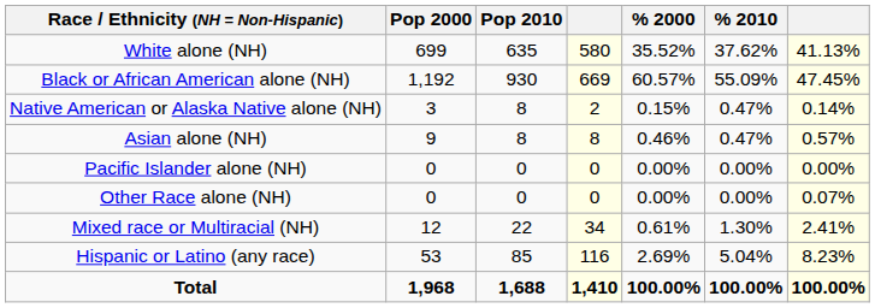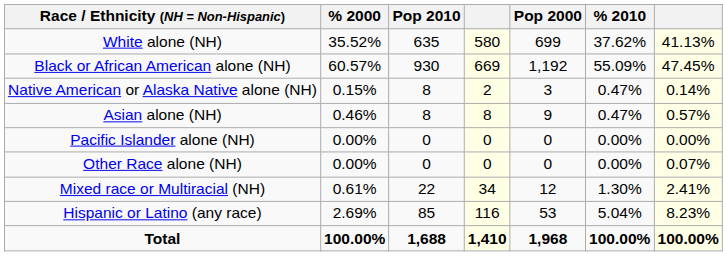 <table class="wikitable" style="text-align:center;">
 <tr>
 <th>Race / Ethnicity <small>(<em>NH = Non-Hispanic</em>)</small></th>
-<th>Pop 2000</th>
+<th>% 2000</th>
 <th>Pop 2010</th>
 <th></th>
-<th>% 2000</th>
+<th>Pop 2000</th>
 <th>% 2010</th>
 <th></th>
 </tr>
 <tr>
 <td><a href='#'>White</a> alone (NH)</td>
-<td>699</td>
+<td>35.52%</td>
 <td>635</td>
 <td style='background: #ffffe6;'>580</td>
-<td>35.52%</td>
+<td>699</td>
 <td>37.62%</td>
 <td style='background: #ffffe6;'>41.13%</td>
 </tr>
 <tr>
 <td><a href='#'>Black or African American</a> alone (NH)</td>
-<td>1,192</td>
+<td>60.57%</td>
 <td>930</td>
 <td style='background: #ffffe6;'>669</td>
-<td>60.57%</td>
+<td>1,192</td>
 <td>55.09%</td>
 <td style='background: #ffffe6;'>47.45%</td>
 </tr>
 <tr>
 <td><a href='#'>Native American</a> or <a href='#'>Alaska Native</a> alone (NH)</td>
-<td>3</td>
+<td>0.15%</td>
 <td>8</td>
 <td style='background: #ffffe6;'>2</td>
-<td>0.15%</td>
+<td>3</td>
 <td>0.47%</td>
 <td style='background: #ffffe6;'>0.14%</td>
 </tr>
 <tr>
 <td><a href='#'>Asian</a> alone (NH)</td>
-<td>9</td>
+<td>0.46%</td>
 <td>8</td>
 <td style='background: #ffffe6;'>8</td>
-<td>0.46%</td>
+<td>9</td>
 <td>0.47%</td>
 <td style='background: #ffffe6;'>0.57%</td>
 </tr>
 <tr>
 <td><a href='#'>Pacific Islander</a> alone (NH)</td>
-<td>0</td>
+<td>0.00%</td>
 <td>0</td>
 <td style='background: #ffffe6;'>0</td>
-<td>0.00%</td>
+<td>0</td>
 <td>0.00%</td>
 <td style='background: #ffffe6;'>0.00%</td>
 </tr>
 <tr>
 <td><a href='#'>Other Race</a> alone (NH)</td>
-<td>0</td>
+<td>0.00%</td>
 <td>0</td>
 <td style='background: #ffffe6;'>0</td>
-<td>0.00%</td>
+<td>0</td>
 <td>0.00%</td>
 <td style='background: #ffffe6;'>0.07%</td>
 </tr>
 <tr>
 <td><a href='#'>Mixed race or Multiracial</a> (NH)</td>
-<td>12</td>
+<td>0.61%</td>
 <td>22</td>
 <td style='background: #ffffe6;'>34</td>
-<td>0.61%</td>
+<td>12</td>
 <td>1.30%</td>
 <td style='background: #ffffe6;'>2.41%</td>
 </tr>
 <tr>
 <td><a href='#'>Hispanic or Latino</a> (any race)</td>
-<td>53</td>
+<td>2.69%</td>
 <td>85</td>
 <td style='background: #ffffe6;'>116</td>
-<td>2.69%</td>
+<td>53</td>
 <td>5.04%</td>
 <td style='background: #ffffe6;'>8.23%</td>
 </tr>
 <tr>
 <td><strong>Total</strong></td>
-<td><strong>1,968</strong></td>
+<td><strong>100.00%</strong></td>
 <td><strong>1,688</strong></td>
 <td style='background: #ffffe6;'><strong>1,410</strong></td>
-<td><strong>100.00%</strong></td>
+<td><strong>1,968</strong></td>
 <td><strong>100.00%</strong></td>
 <td style='background: #ffffe6;'><strong>100.00%</strong></td>
 </tr>
 </table>
